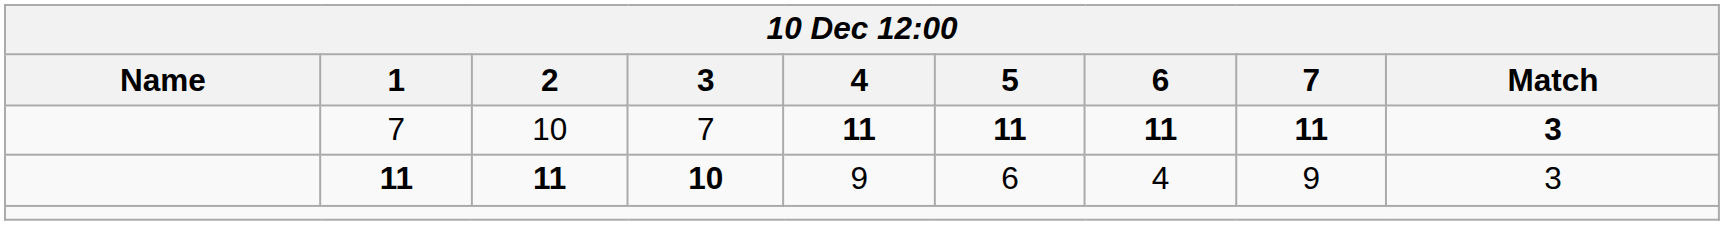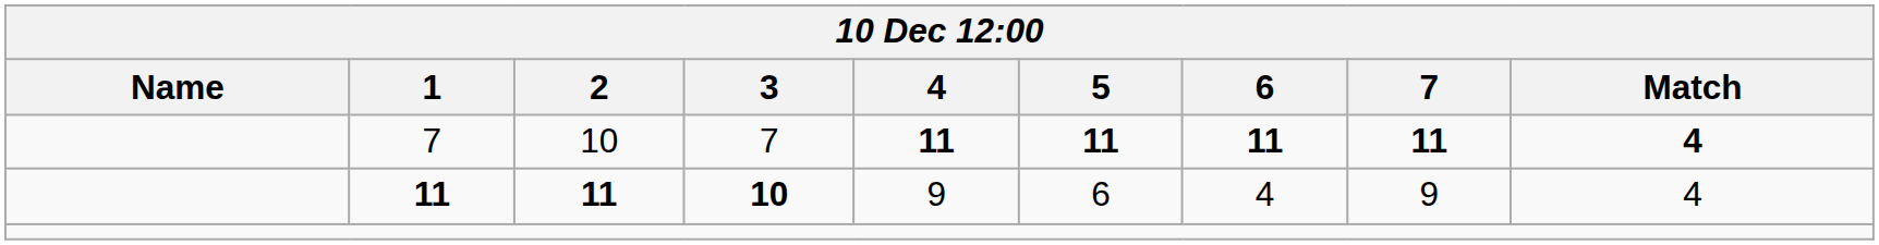 <table class=wikitable style="text-align:center; width: 55%">
 <tr>
 <th colspan=17><em> 10 Dec 12:00</em></th>
 </tr>
 <tr>
 <th>Name</th>
 <th>1</th>
 <th>2</th>
 <th>3</th>
 <th>4</th>
 <th>5</th>
 <th>6</th>
 <th>7</th>
 <th>Match</th>
 </tr>
 <tr>
 <td style="text-align:left;"><strong></strong></td>
 <td>7</td>
 <td>10</td>
 <td>7</td>
 <td><strong>11</strong></td>
 <td><strong>11</strong></td>
 <td><strong>11</strong></td>
 <td><strong>11</strong></td>
-<td><strong>3</strong></td>
+<td><strong>4</strong></td>
 </tr>
 <tr>
 <td style="text-align:left;"></td>
 <td><strong>11</strong></td>
 <td><strong>11</strong></td>
 <td><strong>10</strong></td>
 <td>9</td>
 <td>6</td>
 <td>4</td>
 <td>9</td>
-<td>3</td>
+<td>4</td>
 </tr>
 <tr>
 <td colspan=17></td>
 </tr>
 </table>
